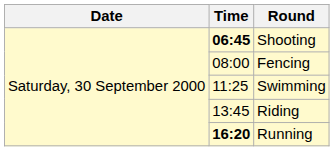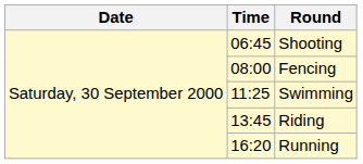 <table class="wikitable">
 <tr>
 <th>Date</th>
 <th>Time</th>
 <th>Round</th>
 </tr>
 <tr style="background:lemonchiffon">
 <td rowspan=5>Saturday, 30 September 2000</td>
-<td><strong>06:45</strong></td>
+<td>06:45</td>
 <td>Shooting</td>
 </tr>
 <tr style="background:lemonchiffon">
 <td>08:00</td>
 <td>Fencing</td>
 </tr>
 <tr style="background:lemonchiffon">
 <td>11:25</td>
 <td>Swimming</td>
 </tr>
 <tr style="background:lemonchiffon">
 <td>13:45</td>
 <td>Riding</td>
 </tr>
 <tr style="background:lemonchiffon">
-<td><strong>16:20</strong></td>
+<td>16:20</td>
 <td>Running</td>
 </tr>
 </table>
